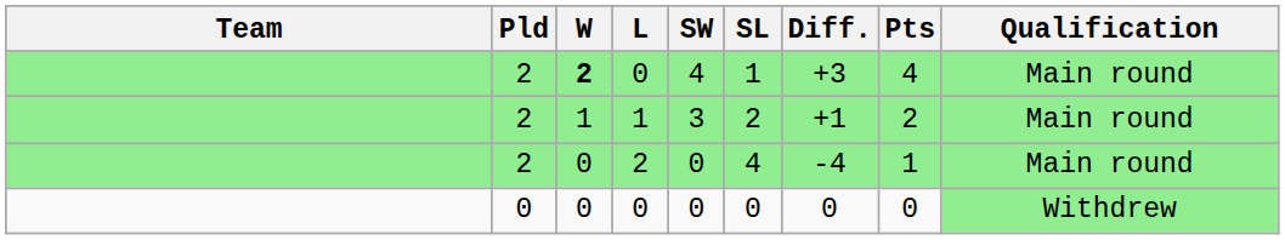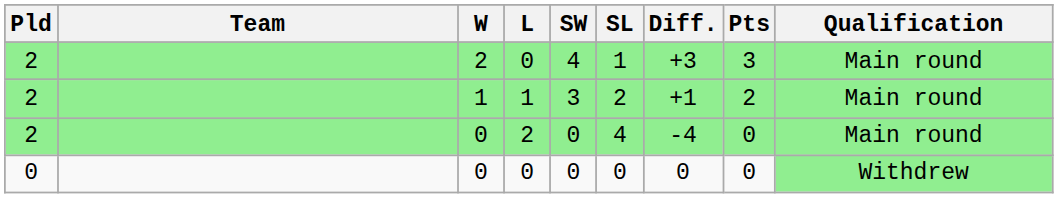 <table class=wikitable style="text-align:center">
 <tr>
+<th width=20>Pld</th>
 <th width=220>Team</th>
-<th width=20>Pld</th>
 <th width=20>W</th>
 <th width=20>L</th>
 <th width=20>SW</th>
 <th width=20>SL</th>
 <th width=20>Diff.</th>
 <th width=20>Pts</th>
 <th width=150>Qualification</th>
 </tr>
 <tr bgcolor=90EE90>
+<td>2</td>
 <td align=left></td>
 <td>2</td>
-<td><strong>2</strong></td>
 <td>0</td>
 <td>4</td>
 <td>1</td>
 <td>+3</td>
-<td>4</td>
+<td>3</td>
 <td>Main round</td>
 </tr>
 <tr bgcolor=90EE90>
+<td>2</td>
 <td align=left></td>
-<td>2</td>
 <td>1</td>
 <td>1</td>
 <td>3</td>
 <td>2</td>
 <td>+1</td>
 <td>2</td>
 <td>Main round</td>
 </tr>
 <tr bgcolor=90EE90>
+<td>2</td>
 <td align=left></td>
-<td>2</td>
 <td>0</td>
 <td>2</td>
 <td>0</td>
 <td>4</td>
 <td>-4</td>
-<td>1</td>
+<td>0</td>
 <td>Main round</td>
 </tr>
 <tr>
+<td>0</td>
 <td align=left><s></s></td>
-<td>0</td>
 <td>0</td>
 <td>0</td>
 <td>0</td>
 <td>0</td>
 <td>0</td>
 <td>0</td>
 <td style="background: lightgreen;">Withdrew</td>
 </tr>
 </table>
